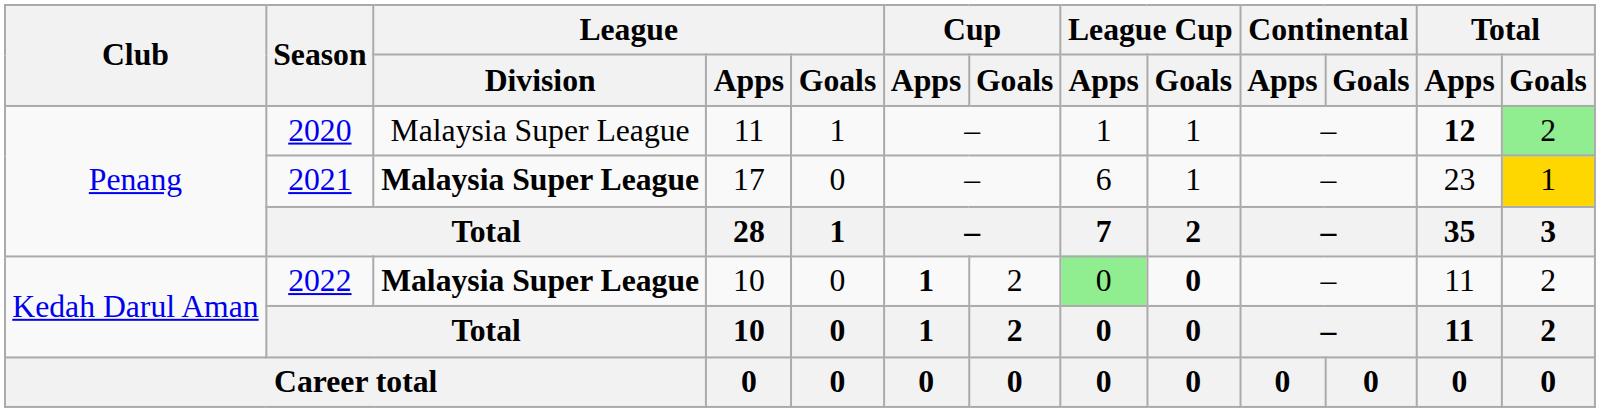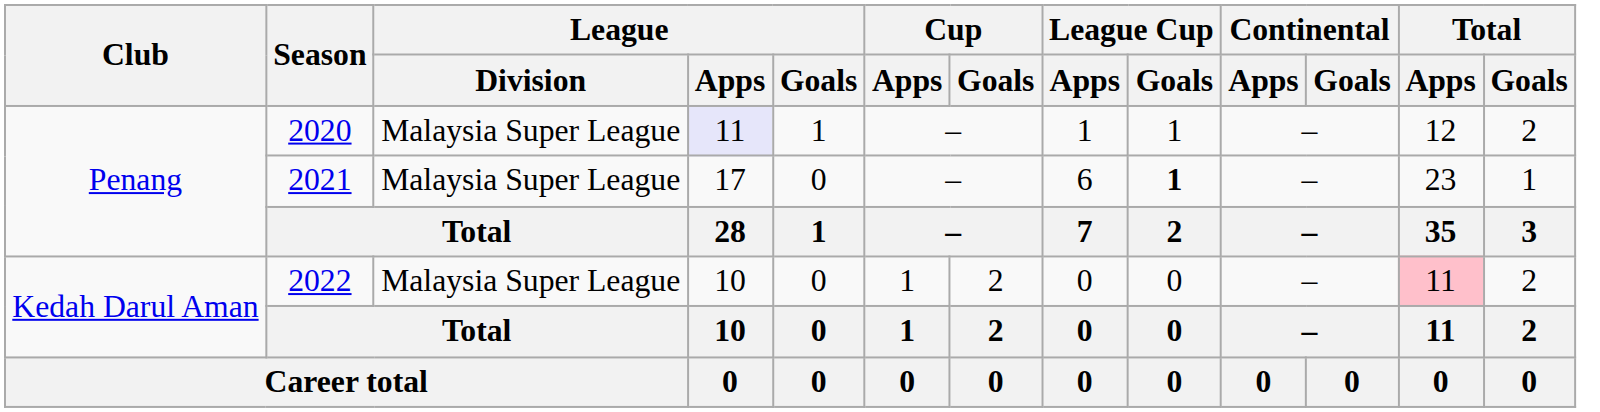 <table class=wikitable style="text-align:center">
 <tr>
 <th rowspan=2>Club</th>
 <th rowspan=2>Season</th>
 <th colspan=3>League</th>
 <th colspan=2>Cup</th>
 <th colspan=2>League Cup</th>
 <th colspan=2>Continental</th>
 <th colspan=2>Total</th>
 </tr>
 <tr>
 <th>Division</th>
 <th>Apps</th>
 <th>Goals</th>
 <th>Apps</th>
 <th>Goals</th>
 <th>Apps</th>
 <th>Goals</th>
 <th>Apps</th>
 <th>Goals</th>
 <th>Apps</th>
 <th>Goals</th>
 </tr>
 <tr>
 <td rowspan="3"><a href='#'>Penang</a></td>
 <td><a href='#'>2020</a></td>
 <td>Malaysia Super League</td>
-<td>11</td>
+<td style="background: lavender;">11</td>
 <td>1</td>
 <td colspan=2>–</td>
 <td>1</td>
 <td>1</td>
 <td colspan=2>–</td>
-<td><strong>12</strong></td>
-<td style="background: lightgreen;">2</td>
+<td>12</td>
+<td>2</td>
 </tr>
 <tr>
 <td><a href='#'>2021</a></td>
-<td><strong>Malaysia Super League</strong></td>
+<td>Malaysia Super League</td>
 <td>17</td>
 <td>0</td>
 <td colspan=2>–</td>
 <td>6</td>
-<td>1</td>
+<td><strong>1</strong></td>
 <td colspan=2>–</td>
 <td>23</td>
-<td style="background: gold;">1</td>
+<td>1</td>
 </tr>
 <tr>
 <th colspan=2>Total</th>
 <th>28</th>
 <th>1</th>
 <th colspan=2>–</th>
 <th>7</th>
 <th>2</th>
 <th colspan=2>–</th>
 <th>35</th>
 <th>3</th>
 </tr>
 <tr>
 <td rowspan="2"><a href='#'>Kedah Darul Aman</a></td>
 <td><a href='#'>2022</a></td>
-<td><strong>Malaysia Super League</strong></td>
+<td>Malaysia Super League</td>
 <td>10</td>
 <td>0</td>
-<td><strong>1</strong></td>
+<td>1</td>
 <td>2</td>
-<td style="background: lightgreen;">0</td>
-<td><strong>0</strong></td>
+<td>0</td>
+<td>0</td>
 <td colspan=2>–</td>
-<td>11</td>
+<td style="background: pink;">11</td>
 <td>2</td>
 </tr>
 <tr>
 <th colspan=2>Total</th>
 <th>10</th>
 <th>0</th>
 <th>1</th>
 <th>2</th>
 <th>0</th>
 <th>0</th>
 <th colspan=2>–</th>
 <th>11</th>
 <th>2</th>
 </tr>
 <tr>
 <th colspan=3>Career total</th>
 <th>0</th>
 <th>0</th>
 <th>0</th>
 <th>0</th>
 <th>0</th>
 <th>0</th>
 <th>0</th>
 <th>0</th>
 <th>0</th>
 <th>0</th>
 </tr>
 </table>
